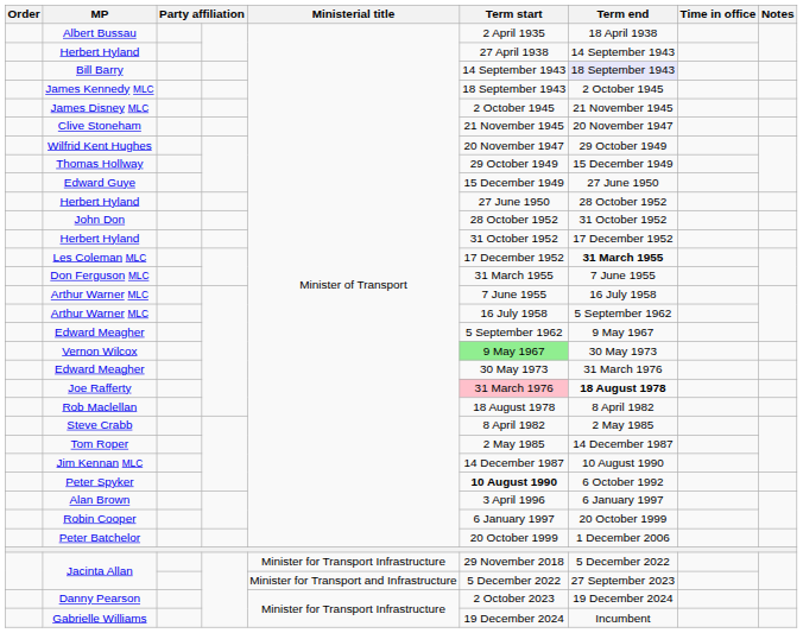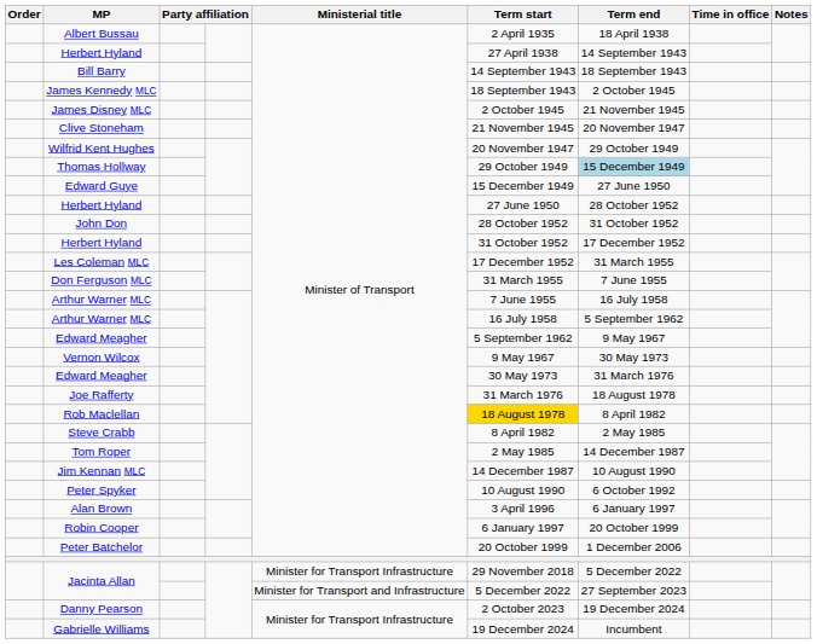 <table class="wikitable" style="text-align:center">
 <tr>
 <th>Order</th>
 <th>MP</th>
 <th colspan="2">Party affiliation</th>
 <th>Ministerial title</th>
 <th>Term start</th>
 <th>Term end</th>
 <th>Time in office</th>
 <th>Notes</th>
 </tr>
 <tr>
 <td></td>
 <td><a href='#'>Albert Bussau</a> </td>
 <td></td>
 <td rowspan="2"></td>
 <td rowspan="28">Minister of Transport</td>
 <td>2 April 1935</td>
 <td>18 April 1938</td>
 <td></td>
 <td rowspan="2"></td>
 </tr>
 <tr>
 <td></td>
 <td><a href='#'>Herbert Hyland</a> </td>
 <td></td>
 <td>27 April 1938</td>
 <td>14 September 1943</td>
 <td></td>
 </tr>
 <tr>
 <td></td>
 <td><a href='#'>Bill Barry</a> </td>
 <td></td>
 <td></td>
 <td>14 September 1943</td>
-<td style="background: lavender;">18 September 1943</td>
+<td>18 September 1943</td>
 <td></td>
 <td></td>
 </tr>
 <tr>
 <td></td>
 <td><a href='#'>James Kennedy</a> <a href='#'><small>MLC</small></a></td>
 <td></td>
 <td></td>
 <td>18 September 1943</td>
 <td>2 October 1945</td>
 <td></td>
 <td></td>
 </tr>
 <tr>
 <td></td>
 <td><a href='#'>James Disney</a> <a href='#'><small>MLC</small></a></td>
 <td></td>
 <td></td>
 <td>2 October 1945</td>
 <td>21 November 1945</td>
 <td></td>
 <td></td>
 </tr>
 <tr>
 <td></td>
 <td><a href='#'>Clive Stoneham</a> </td>
 <td></td>
 <td></td>
 <td>21 November 1945</td>
 <td>20 November 1947</td>
 <td></td>
 <td></td>
 </tr>
 <tr>
 <td></td>
 <td><a href='#'>Wilfrid Kent Hughes</a> </td>
 <td></td>
 <td rowspan="3"></td>
 <td>20 November 1947</td>
 <td>29 October 1949</td>
 <td></td>
 <td rowspan="3"></td>
 </tr>
 <tr>
 <td></td>
 <td><a href='#'>Thomas Hollway</a> </td>
 <td></td>
 <td>29 October 1949</td>
-<td>15 December 1949</td>
+<td style="background: lightblue;">15 December 1949</td>
 <td></td>
 </tr>
 <tr>
 <td></td>
 <td><a href='#'>Edward Guye</a> </td>
 <td></td>
 <td>15 December 1949</td>
 <td>27 June 1950</td>
 <td></td>
 </tr>
 <tr>
 <td></td>
 <td><a href='#'>Herbert Hyland</a> </td>
 <td></td>
 <td></td>
 <td>27 June 1950</td>
 <td>28 October 1952</td>
 <td></td>
 <td></td>
 </tr>
 <tr>
 <td></td>
 <td><a href='#'>John Don</a> </td>
 <td></td>
 <td></td>
 <td>28 October 1952</td>
 <td>31 October 1952</td>
 <td></td>
 <td></td>
 </tr>
 <tr>
 <td></td>
 <td><a href='#'>Herbert Hyland</a> </td>
 <td></td>
 <td></td>
 <td>31 October 1952</td>
 <td>17 December 1952</td>
 <td></td>
 <td></td>
 </tr>
 <tr>
 <td></td>
 <td><a href='#'>Les Coleman</a> <a href='#'><small>MLC</small></a></td>
 <td></td>
 <td rowspan="2"></td>
 <td>17 December 1952</td>
-<td><strong>31 March 1955</strong></td>
+<td>31 March 1955</td>
 <td></td>
 <td rowspan="2"></td>
 </tr>
 <tr>
 <td></td>
 <td><a href='#'>Don Ferguson</a> <a href='#'><small>MLC</small></a></td>
 <td></td>
 <td>31 March 1955</td>
 <td>7 June 1955</td>
 <td></td>
 </tr>
 <tr>
 <td></td>
 <td><a href='#'>Arthur Warner</a> <a href='#'><small>MLC</small></a></td>
 <td></td>
 <td rowspan="7"></td>
 <td>7 June 1955</td>
 <td>16 July 1958</td>
 <td></td>
 <td rowspan="3"></td>
 </tr>
 <tr>
 <td></td>
 <td><a href='#'>Arthur Warner</a> <a href='#'><small>MLC</small></a></td>
 <td></td>
 <td>16 July 1958</td>
 <td>5 September 1962</td>
 <td></td>
 </tr>
 <tr>
 <td></td>
 <td><a href='#'>Edward Meagher</a> </td>
 <td></td>
 <td>5 September 1962</td>
 <td>9 May 1967</td>
 <td></td>
 </tr>
 <tr>
 <td></td>
 <td><a href='#'>Vernon Wilcox</a> </td>
 <td></td>
-<td style="background: lightgreen;">9 May 1967</td>
+<td>9 May 1967</td>
 <td>30 May 1973</td>
 <td></td>
 <td></td>
 </tr>
 <tr>
 <td></td>
 <td><a href='#'>Edward Meagher</a> </td>
 <td></td>
 <td>30 May 1973</td>
 <td>31 March 1976</td>
 <td></td>
 <td></td>
 </tr>
 <tr>
 <td></td>
 <td><a href='#'>Joe Rafferty</a> </td>
 <td></td>
-<td style="background: pink;">31 March 1976</td>
-<td><strong>18 August 1978</strong></td>
+<td>31 March 1976</td>
+<td>18 August 1978</td>
 <td></td>
 <td></td>
 </tr>
 <tr>
 <td></td>
 <td><a href='#'>Rob Maclellan</a> </td>
 <td></td>
-<td>18 August 1978</td>
+<td style="background: gold;">18 August 1978</td>
 <td>8 April 1982</td>
 <td></td>
 <td></td>
 </tr>
 <tr>
 <td></td>
 <td><a href='#'>Steve Crabb</a> </td>
 <td></td>
 <td rowspan="4"></td>
 <td>8 April 1982</td>
 <td>2 May 1985</td>
 <td></td>
 <td rowspan="3"></td>
 </tr>
 <tr>
 <td></td>
 <td><a href='#'>Tom Roper</a> </td>
 <td></td>
 <td>2 May 1985</td>
 <td>14 December 1987</td>
 <td></td>
 </tr>
 <tr>
 <td></td>
 <td><a href='#'>Jim Kennan</a> <a href='#'><small>MLC</small></a></td>
 <td></td>
 <td>14 December 1987</td>
 <td>10 August 1990</td>
 <td></td>
 </tr>
 <tr>
 <td></td>
 <td><a href='#'>Peter Spyker</a> </td>
 <td></td>
-<td><strong>10 August 1990</strong></td>
+<td>10 August 1990</td>
 <td>6 October 1992</td>
 <td></td>
 <td></td>
 </tr>
 <tr>
 <td></td>
 <td><a href='#'>Alan Brown</a> </td>
 <td></td>
 <td rowspan="2"></td>
 <td>3 April 1996</td>
 <td>6 January 1997</td>
 <td></td>
 <td rowspan="2"></td>
 </tr>
 <tr>
 <td></td>
 <td><a href='#'>Robin Cooper</a> </td>
 <td></td>
 <td>6 January 1997</td>
 <td>20 October 1999</td>
 <td></td>
 </tr>
 <tr>
 <td></td>
 <td><a href='#'>Peter Batchelor</a> </td>
 <td></td>
 <td></td>
 <td>20 October 1999</td>
 <td>1 December 2006</td>
 <td></td>
 <td></td>
 </tr>
 <tr>
 <th colspan="9"></th>
 </tr>
 <tr>
 <td rowspan="2"></td>
 <td rowspan="2"><a href='#'>Jacinta Allan</a> </td>
 <td></td>
 <td rowspan="4"></td>
 <td>Minister for Transport Infrastructure</td>
 <td>29 November 2018</td>
 <td>5 December 2022</td>
 <td></td>
 <td rowspan="2"></td>
 </tr>
 <tr>
 <td></td>
 <td>Minister for Transport and Infrastructure</td>
 <td>5 December 2022</td>
 <td>27 September 2023</td>
 <td></td>
 </tr>
 <tr>
 <td></td>
 <td><a href='#'>Danny Pearson</a> </td>
 <td></td>
 <td rowspan=2>Minister for Transport Infrastructure</td>
 <td>2 October 2023</td>
 <td>19 December 2024</td>
 <td></td>
 <td></td>
 </tr>
 <tr>
 <td></td>
 <td><a href='#'>Gabrielle Williams</a> </td>
 <td></td>
 <td>19 December 2024</td>
 <td>Incumbent</td>
 <td></td>
 <td></td>
 </tr>
 </table>
